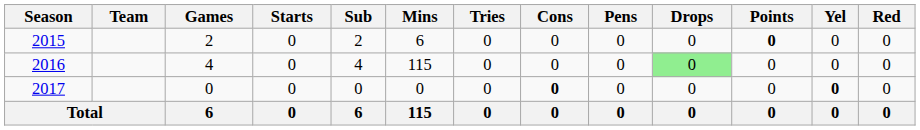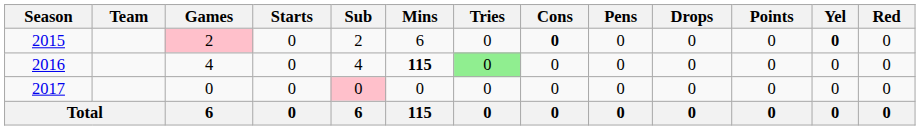 <table class="wikitable" style="text-align:center; line-height:100%; font-size:100%; width:70%;">
 <tr>
 <th>Season</th>
 <th>Team</th>
 <th>Games</th>
 <th>Starts</th>
 <th>Sub</th>
 <th>Mins</th>
 <th>Tries</th>
 <th>Cons</th>
 <th>Pens</th>
 <th>Drops</th>
 <th>Points</th>
 <th>Yel</th>
 <th>Red</th>
 </tr>
 <tr>
 <td><a href='#'>2015</a></td>
 <td></td>
-<td>2</td>
+<td style="background: pink;">2</td>
 <td>0</td>
 <td>2</td>
 <td>6</td>
 <td>0</td>
+<td><strong>0</strong></td>
 <td>0</td>
 <td>0</td>
 <td>0</td>
 <td><strong>0</strong></td>
-<td>0</td>
 <td>0</td>
 </tr>
 <tr>
 <td><a href='#'>2016</a></td>
 <td></td>
 <td>4</td>
 <td>0</td>
 <td>4</td>
-<td>115</td>
+<td><strong>115</strong></td>
+<td style="background: lightgreen;">0</td>
 <td>0</td>
 <td>0</td>
 <td>0</td>
-<td style="background: lightgreen;">0</td>
 <td>0</td>
 <td>0</td>
 <td>0</td>
 </tr>
 <tr>
 <td><a href='#'>2017</a></td>
 <td></td>
 <td>0</td>
 <td>0</td>
+<td style="background: pink;">0</td>
 <td>0</td>
 <td>0</td>
 <td>0</td>
-<td><strong>0</strong></td>
 <td>0</td>
 <td>0</td>
 <td>0</td>
-<td><strong>0</strong></td>
+<td>0</td>
 <td>0</td>
 </tr>
 <tr>
 <th colspan="2">Total</th>
 <th>6</th>
 <th>0</th>
 <th>6</th>
 <th>115</th>
 <th>0</th>
 <th>0</th>
 <th>0</th>
 <th>0</th>
 <th>0</th>
 <th>0</th>
 <th>0</th>
 </tr>
 </table>
